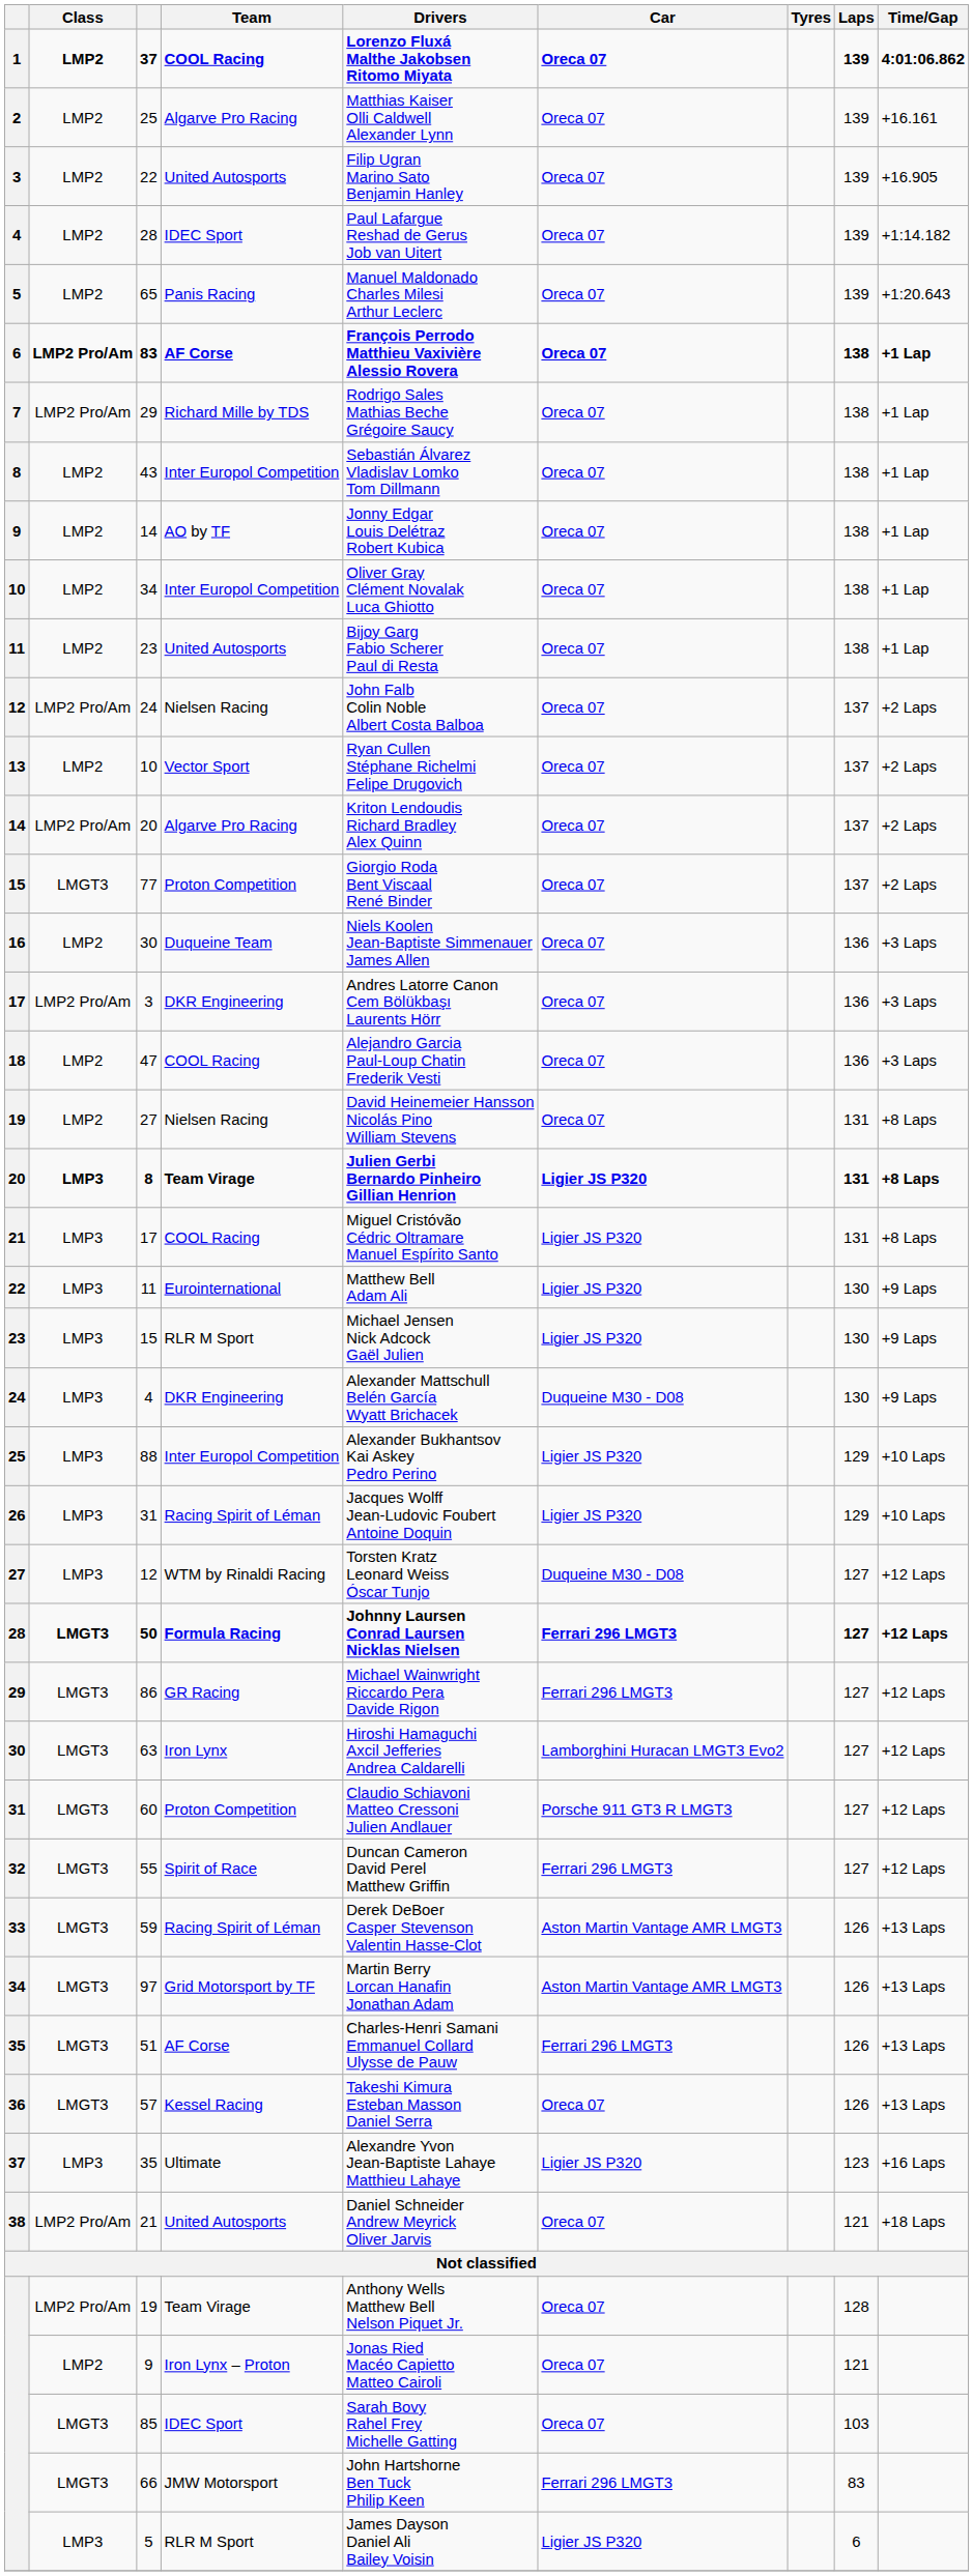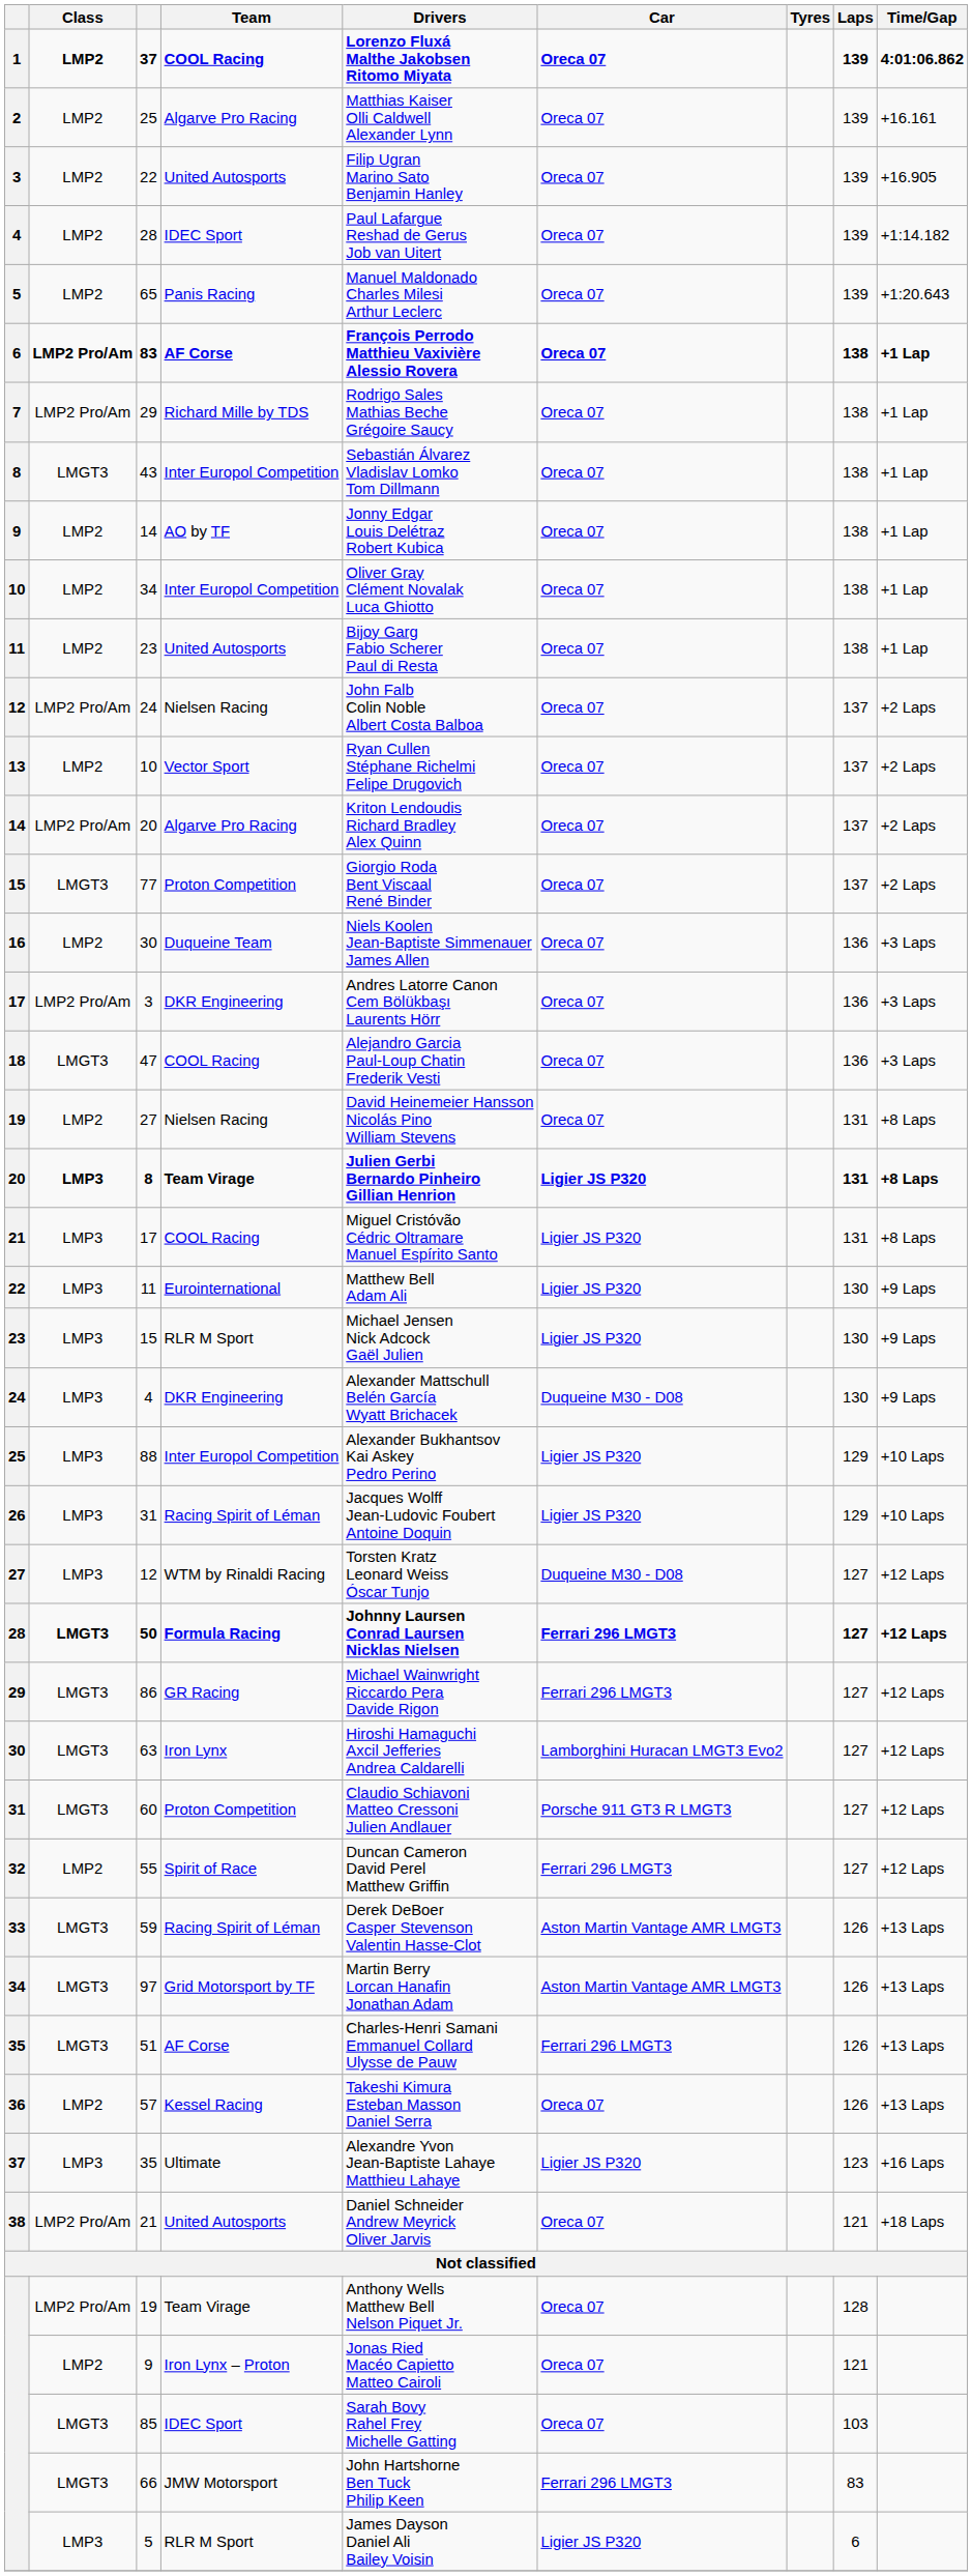 <table class="wikitable" style="font-size:95%;">
 <tr>
 <th></th>
 <th>Class</th>
 <th></th>
 <th>Team</th>
 <th>Drivers</th>
 <th>Car</th>
 <th>Tyres</th>
 <th>Laps</th>
 <th>Time/Gap</th>
 </tr>
 <tr style="font-weight: bold;">
 <th>1</th>
 <td align="center">LMP2</td>
 <td align="center">37</td>
 <td> <a href='#'>COOL Racing</a></td>
 <td> <a href='#'>Lorenzo Fluxá</a><br> <a href='#'>Malthe Jakobsen</a><br> <a href='#'>Ritomo Miyata</a></td>
 <td><a href='#'>Oreca 07</a></td>
 <td align="center"></td>
 <td align="center">139</td>
 <td align="center">4:01:06.862</td>
 </tr>
 <tr>
 <th>2</th>
 <td align="center">LMP2</td>
 <td align="center">25</td>
 <td> <a href='#'>Algarve Pro Racing</a></td>
 <td> <a href='#'>Matthias Kaiser</a><br> <a href='#'>Olli Caldwell</a><br> <a href='#'>Alexander Lynn</a></td>
 <td><a href='#'>Oreca 07</a></td>
 <td align="center"></td>
 <td align="center">139</td>
 <td>+16.161</td>
 </tr>
 <tr>
 <th>3</th>
 <td align="center">LMP2</td>
 <td align="center">22</td>
 <td> <a href='#'>United Autosports</a></td>
 <td> <a href='#'>Filip Ugran</a><br> <a href='#'>Marino Sato</a><br> <a href='#'>Benjamin Hanley</a></td>
 <td><a href='#'>Oreca 07</a></td>
 <td align="center"></td>
 <td align="center">139</td>
 <td>+16.905</td>
 </tr>
 <tr>
 <th>4</th>
 <td align="center">LMP2</td>
 <td align="center">28</td>
 <td> <a href='#'>IDEC Sport</a></td>
 <td> <a href='#'>Paul Lafargue</a><br> <a href='#'>Reshad de Gerus</a><br> <a href='#'>Job van Uitert</a></td>
 <td><a href='#'>Oreca 07</a></td>
 <td align="center"></td>
 <td align="center">139</td>
 <td>+1:14.182</td>
 </tr>
 <tr>
 <th>5</th>
 <td align="center">LMP2</td>
 <td align="center">65</td>
 <td> <a href='#'>Panis Racing</a></td>
 <td> <a href='#'>Manuel Maldonado</a><br> <a href='#'>Charles Milesi</a><br> <a href='#'>Arthur Leclerc</a></td>
 <td><a href='#'>Oreca 07</a></td>
 <td align="center"></td>
 <td align="center">139</td>
 <td>+1:20.643</td>
 </tr>
 <tr style="font-weight: bold;">
 <th>6</th>
 <td align="center">LMP2 Pro/Am</td>
 <td align="center">83</td>
 <td> <a href='#'>AF Corse</a></td>
 <td> <a href='#'>François Perrodo</a><br> <a href='#'>Matthieu Vaxivière</a><br> <a href='#'>Alessio Rovera</a></td>
 <td><a href='#'>Oreca 07</a></td>
 <td align="center"></td>
 <td align="center">138</td>
 <td>+1 Lap</td>
 </tr>
 <tr>
 <th>7</th>
 <td align="center">LMP2 Pro/Am</td>
 <td align="center">29</td>
 <td> <a href='#'>Richard Mille by TDS</a></td>
 <td> <a href='#'>Rodrigo Sales</a><br> <a href='#'>Mathias Beche</a><br> <a href='#'>Grégoire Saucy</a></td>
 <td><a href='#'>Oreca 07</a></td>
 <td align="center"></td>
 <td align="center">138</td>
 <td>+1 Lap</td>
 </tr>
 <tr>
 <th>8</th>
-<td align="center">LMP2</td>
+<td align="center">LMGT3</td>
 <td align="center">43</td>
 <td> <a href='#'>Inter Europol Competition</a></td>
 <td> <a href='#'>Sebastián Álvarez</a><br> <a href='#'>Vladislav Lomko</a><br> <a href='#'>Tom Dillmann</a></td>
 <td><a href='#'>Oreca 07</a></td>
 <td align="center"></td>
 <td align="center">138</td>
 <td>+1 Lap</td>
 </tr>
 <tr>
 <th>9</th>
 <td align="center">LMP2</td>
 <td align="center">14</td>
 <td> <a href='#'>AO</a> by <a href='#'>TF</a></td>
 <td> <a href='#'>Jonny Edgar</a><br> <a href='#'>Louis Delétraz</a><br> <a href='#'>Robert Kubica</a></td>
 <td><a href='#'>Oreca 07</a></td>
 <td align="center"></td>
 <td align="center">138</td>
 <td>+1 Lap</td>
 </tr>
 <tr>
 <th>10</th>
 <td align="center">LMP2</td>
 <td align="center">34</td>
 <td> <a href='#'>Inter Europol Competition</a></td>
 <td> <a href='#'>Oliver Gray</a><br> <a href='#'>Clément Novalak</a><br> <a href='#'>Luca Ghiotto</a></td>
 <td><a href='#'>Oreca 07</a></td>
 <td align="center"></td>
 <td align="center">138</td>
 <td>+1 Lap</td>
 </tr>
 <tr>
 <th>11</th>
 <td align="center">LMP2</td>
 <td align="center">23</td>
 <td> <a href='#'>United Autosports</a></td>
 <td> <a href='#'>Bijoy Garg</a><br> <a href='#'>Fabio Scherer</a><br> <a href='#'>Paul di Resta</a></td>
 <td><a href='#'>Oreca 07</a></td>
 <td align="center"></td>
 <td align="center">138</td>
 <td>+1 Lap</td>
 </tr>
 <tr>
 <th>12</th>
 <td align="center">LMP2 Pro/Am</td>
 <td align="center">24</td>
 <td> Nielsen Racing</td>
 <td> <a href='#'>John Falb</a><br> Colin Noble<br> <a href='#'>Albert Costa Balboa</a></td>
 <td><a href='#'>Oreca 07</a></td>
 <td align="center"></td>
 <td align="center">137</td>
 <td>+2 Laps</td>
 </tr>
 <tr>
 <th>13</th>
 <td align="center">LMP2</td>
 <td align="center">10</td>
 <td> <a href='#'>Vector Sport</a></td>
 <td> <a href='#'>Ryan Cullen</a><br> <a href='#'>Stéphane Richelmi</a><br> <a href='#'>Felipe Drugovich</a></td>
 <td><a href='#'>Oreca 07</a></td>
 <td align="center"></td>
 <td align="center">137</td>
 <td>+2 Laps</td>
 </tr>
 <tr>
 <th>14</th>
 <td align="center">LMP2 Pro/Am</td>
 <td align="center">20</td>
 <td> <a href='#'>Algarve Pro Racing</a></td>
 <td> <a href='#'>Kriton Lendoudis</a><br> <a href='#'>Richard Bradley</a><br> <a href='#'>Alex Quinn</a></td>
 <td><a href='#'>Oreca 07</a></td>
 <td align="center"></td>
 <td align="center">137</td>
 <td>+2 Laps</td>
 </tr>
 <tr>
 <th>15</th>
 <td align="center">LMGT3</td>
 <td align="center">77</td>
 <td> <a href='#'>Proton Competition</a></td>
 <td> <a href='#'>Giorgio Roda</a><br> <a href='#'>Bent Viscaal</a><br> <a href='#'>René Binder</a></td>
 <td><a href='#'>Oreca 07</a></td>
 <td align="center"></td>
 <td align="center">137</td>
 <td>+2 Laps</td>
 </tr>
 <tr>
 <th>16</th>
 <td align="center">LMP2</td>
 <td align="center">30</td>
 <td> <a href='#'>Duqueine Team</a></td>
 <td> <a href='#'>Niels Koolen</a><br> <a href='#'>Jean-Baptiste Simmenauer</a><br> <a href='#'>James Allen</a></td>
 <td><a href='#'>Oreca 07</a></td>
 <td align="center"></td>
 <td align="center">136</td>
 <td>+3 Laps</td>
 </tr>
 <tr>
 <th>17</th>
 <td align="center">LMP2 Pro/Am</td>
 <td align="center">3</td>
 <td> <a href='#'>DKR Engineering</a></td>
 <td> Andres Latorre Canon<br> <a href='#'>Cem Bölükbaşı</a><br> <a href='#'>Laurents Hörr</a></td>
 <td><a href='#'>Oreca 07</a></td>
 <td align="center"></td>
 <td align="center">136</td>
 <td>+3 Laps</td>
 </tr>
 <tr>
 <th>18</th>
-<td align="center">LMP2</td>
+<td align="center">LMGT3</td>
 <td align="center">47</td>
 <td> <a href='#'>COOL Racing</a></td>
 <td> <a href='#'>Alejandro Garcia</a><br> <a href='#'>Paul-Loup Chatin</a><br> <a href='#'>Frederik Vesti</a></td>
 <td><a href='#'>Oreca 07</a></td>
 <td align="center"></td>
 <td align="center">136</td>
 <td>+3 Laps</td>
 </tr>
 <tr>
 <th>19</th>
 <td align="center">LMP2</td>
 <td align="center">27</td>
 <td> Nielsen Racing</td>
 <td> <a href='#'>David Heinemeier Hansson</a><br> <a href='#'>Nicolás Pino</a><br> <a href='#'>William Stevens</a></td>
 <td><a href='#'>Oreca 07</a></td>
 <td align="center"></td>
 <td align="center">131</td>
 <td>+8 Laps</td>
 </tr>
 <tr style="font-weight: bold;">
 <th>20</th>
 <td align="center">LMP3</td>
 <td align="center">8</td>
 <td> Team Virage</td>
 <td> <a href='#'>Julien Gerbi</a><br> <a href='#'>Bernardo Pinheiro</a><br> <a href='#'>Gillian Henrion</a></td>
 <td><a href='#'>Ligier JS P320</a></td>
 <td align="center"></td>
 <td align="center">131</td>
 <td>+8 Laps</td>
 </tr>
 <tr>
 <th>21</th>
 <td align="center">LMP3</td>
 <td align="center">17</td>
 <td> <a href='#'>COOL Racing</a></td>
 <td> Miguel Cristóvão<br> <a href='#'>Cédric Oltramare</a><br> <a href='#'>Manuel Espírito Santo</a></td>
 <td><a href='#'>Ligier JS P320</a></td>
 <td align="center"></td>
 <td align="center">131</td>
 <td>+8 Laps</td>
 </tr>
 <tr>
 <th>22</th>
 <td align="center">LMP3</td>
 <td align="center">11</td>
 <td> <a href='#'>Eurointernational</a></td>
 <td> Matthew Bell<br> <a href='#'>Adam Ali</a></td>
 <td><a href='#'>Ligier JS P320</a></td>
 <td align="center"></td>
 <td align="center">130</td>
 <td>+9 Laps</td>
 </tr>
 <tr>
 <th>23</th>
 <td align="center">LMP3</td>
 <td align="center">15</td>
 <td> RLR M Sport</td>
 <td> Michael Jensen<br> Nick Adcock<br> <a href='#'>Gaël Julien</a></td>
 <td><a href='#'>Ligier JS P320</a></td>
 <td align="center"></td>
 <td align="center">130</td>
 <td>+9 Laps</td>
 </tr>
 <tr>
 <th>24</th>
 <td align="center">LMP3</td>
 <td align="center">4</td>
 <td> <a href='#'>DKR Engineering</a></td>
 <td> Alexander Mattschull<br> <a href='#'>Belén García</a><br> <a href='#'>Wyatt Brichacek</a></td>
 <td><a href='#'>Duqueine M30 - D08</a></td>
 <td align="center"></td>
 <td align="center">130</td>
 <td>+9 Laps</td>
 </tr>
 <tr>
 <th>25</th>
 <td align="center">LMP3</td>
 <td align="center">88</td>
 <td> <a href='#'>Inter Europol Competition</a></td>
 <td> Alexander Bukhantsov<br> Kai Askey<br> <a href='#'>Pedro Perino</a></td>
 <td><a href='#'>Ligier JS P320</a></td>
 <td align="center"></td>
 <td align="center">129</td>
 <td>+10 Laps</td>
 </tr>
 <tr>
 <th>26</th>
 <td align="center">LMP3</td>
 <td align="center">31</td>
 <td> <a href='#'>Racing Spirit of Léman</a></td>
 <td> Jacques Wolff<br> Jean-Ludovic Foubert<br> <a href='#'>Antoine Doquin</a></td>
 <td><a href='#'>Ligier JS P320</a></td>
 <td align="center"></td>
 <td align="center">129</td>
 <td>+10 Laps</td>
 </tr>
 <tr>
 <th>27</th>
 <td align="center">LMP3</td>
 <td align="center">12</td>
 <td> WTM by Rinaldi Racing</td>
 <td> Torsten Kratz<br> Leonard Weiss<br> <a href='#'>Óscar Tunjo</a></td>
 <td><a href='#'>Duqueine M30 - D08</a></td>
 <td align="center"></td>
 <td align="center">127</td>
 <td>+12 Laps</td>
 </tr>
 <tr style="font-weight: bold;">
 <th>28</th>
 <td align="center">LMGT3</td>
 <td align="center">50</td>
 <td> <a href='#'>Formula Racing</a></td>
 <td> Johnny Laursen<br> <a href='#'>Conrad Laursen</a><br> <a href='#'>Nicklas Nielsen</a></td>
 <td><a href='#'>Ferrari 296 LMGT3</a></td>
 <td align="center"></td>
 <td align="center">127</td>
 <td>+12 Laps</td>
 </tr>
 <tr>
 <th>29</th>
 <td align="center">LMGT3</td>
 <td align="center">86</td>
 <td> <a href='#'>GR Racing</a></td>
 <td> <a href='#'>Michael Wainwright</a><br> <a href='#'>Riccardo Pera</a><br> <a href='#'>Davide Rigon</a></td>
 <td><a href='#'>Ferrari 296 LMGT3</a></td>
 <td align="center"></td>
 <td align="center">127</td>
 <td>+12 Laps</td>
 </tr>
 <tr>
 <th>30</th>
 <td align="center">LMGT3</td>
 <td align="center">63</td>
 <td> <a href='#'>Iron Lynx</a></td>
 <td> <a href='#'>Hiroshi Hamaguchi</a><br> <a href='#'>Axcil Jefferies</a><br> <a href='#'>Andrea Caldarelli</a></td>
 <td><a href='#'>Lamborghini Huracan LMGT3 Evo2</a></td>
 <td align="center"></td>
 <td align="center">127</td>
 <td>+12 Laps</td>
 </tr>
 <tr>
 <th>31</th>
 <td align="center">LMGT3</td>
 <td align="center">60</td>
 <td> <a href='#'>Proton Competition</a></td>
 <td> <a href='#'>Claudio Schiavoni</a><br> <a href='#'>Matteo Cressoni</a><br> <a href='#'>Julien Andlauer</a></td>
 <td><a href='#'>Porsche 911 GT3 R LMGT3</a></td>
 <td align="center"></td>
 <td align="center">127</td>
 <td>+12 Laps</td>
 </tr>
 <tr>
 <th>32</th>
-<td align="center">LMGT3</td>
+<td align="center">LMP2</td>
 <td align="center">55</td>
 <td> <a href='#'>Spirit of Race</a></td>
 <td> Duncan Cameron<br> David Perel<br> Matthew Griffin</td>
 <td><a href='#'>Ferrari 296 LMGT3</a></td>
 <td align="center"></td>
 <td align="center">127</td>
 <td>+12 Laps</td>
 </tr>
 <tr>
 <th>33</th>
 <td align="center">LMGT3</td>
 <td align="center">59</td>
 <td> <a href='#'>Racing Spirit of Léman</a></td>
 <td> Derek DeBoer<br> <a href='#'>Casper Stevenson</a><br> <a href='#'>Valentin Hasse-Clot</a></td>
 <td><a href='#'>Aston Martin Vantage AMR LMGT3</a></td>
 <td align="center"></td>
 <td align="center">126</td>
 <td>+13 Laps</td>
 </tr>
 <tr>
 <th>34</th>
 <td align="center">LMGT3</td>
 <td align="center">97</td>
 <td> <a href='#'>Grid Motorsport by TF</a></td>
 <td> Martin Berry<br> <a href='#'>Lorcan Hanafin</a><br> <a href='#'>Jonathan Adam</a></td>
 <td><a href='#'>Aston Martin Vantage AMR LMGT3</a></td>
 <td align="center"></td>
 <td align="center">126</td>
 <td>+13 Laps</td>
 </tr>
 <tr>
 <th>35</th>
 <td align="center">LMGT3</td>
 <td align="center">51</td>
 <td> <a href='#'>AF Corse</a></td>
 <td> Charles-Henri Samani<br> <a href='#'>Emmanuel Collard</a><br> <a href='#'>Ulysse de Pauw</a></td>
 <td><a href='#'>Ferrari 296 LMGT3</a></td>
 <td align="center"></td>
 <td align="center">126</td>
 <td>+13 Laps</td>
 </tr>
 <tr>
 <th>36</th>
-<td align="center">LMGT3</td>
+<td align="center">LMP2</td>
 <td align="center">57</td>
 <td> <a href='#'>Kessel Racing</a></td>
 <td> <a href='#'>Takeshi Kimura</a><br> <a href='#'>Esteban Masson</a><br> <a href='#'>Daniel Serra</a></td>
 <td><a href='#'>Oreca 07</a></td>
 <td align="center"></td>
 <td align="center">126</td>
 <td>+13 Laps</td>
 </tr>
 <tr>
 <th>37</th>
 <td align="center">LMP3</td>
 <td align="center">35</td>
 <td> Ultimate</td>
 <td> Alexandre Yvon<br> Jean-Baptiste Lahaye<br> <a href='#'>Matthieu Lahaye</a></td>
 <td><a href='#'>Ligier JS P320</a></td>
 <td align="center"></td>
 <td align="center">123</td>
 <td>+16 Laps</td>
 </tr>
 <tr>
 <th>38</th>
 <td align="center">LMP2 Pro/Am</td>
 <td align="center">21</td>
 <td> <a href='#'>United Autosports</a></td>
 <td> Daniel Schneider<br> <a href='#'>Andrew Meyrick</a><br> <a href='#'>Oliver Jarvis</a></td>
 <td><a href='#'>Oreca 07</a></td>
 <td align="center"></td>
 <td align="center">121</td>
 <td>+18 Laps</td>
 </tr>
 <tr>
 <th colspan="9">Not classified</th>
 </tr>
 <tr>
 <th rowspan="5"></th>
 <td align="center">LMP2 Pro/Am</td>
 <td align="center">19</td>
 <td> Team Virage</td>
 <td> Anthony Wells<br> Matthew Bell<br> <a href='#'>Nelson Piquet Jr.</a></td>
 <td><a href='#'>Oreca 07</a></td>
 <td align="center"></td>
 <td align="center">128</td>
 <td></td>
 </tr>
 <tr>
 <td align="center">LMP2</td>
 <td align="center">9</td>
 <td> <a href='#'>Iron Lynx</a> – <a href='#'>Proton</a></td>
 <td> <a href='#'>Jonas Ried</a><br> <a href='#'>Macéo Capietto</a><br> <a href='#'>Matteo Cairoli</a></td>
 <td><a href='#'>Oreca 07</a></td>
 <td align="center"></td>
 <td align="center">121</td>
 <td></td>
 </tr>
 <tr>
 <td align="center">LMGT3</td>
 <td align="center">85</td>
 <td> <a href='#'>IDEC Sport</a></td>
 <td> <a href='#'>Sarah Bovy</a><br> <a href='#'>Rahel Frey</a><br> <a href='#'>Michelle Gatting</a></td>
 <td><a href='#'>Oreca 07</a></td>
 <td align="center"></td>
 <td align="center">103</td>
 <td></td>
 </tr>
 <tr>
 <td align="center">LMGT3</td>
 <td align="center">66</td>
 <td> JMW Motorsport</td>
 <td> John Hartshorne<br> <a href='#'>Ben Tuck</a><br> <a href='#'>Philip Keen</a></td>
 <td><a href='#'>Ferrari 296 LMGT3</a></td>
 <td align="center"></td>
 <td align="center">83</td>
 <td></td>
 </tr>
 <tr>
 <td align="center">LMP3</td>
 <td align="center">5</td>
 <td> RLR M Sport</td>
 <td> James Dayson<br> Daniel Ali<br> <a href='#'>Bailey Voisin</a></td>
 <td><a href='#'>Ligier JS P320</a></td>
 <td align="center"></td>
 <td align="center">6</td>
 <td></td>
 </tr>
 <tr>
 </tr>
 </table>
